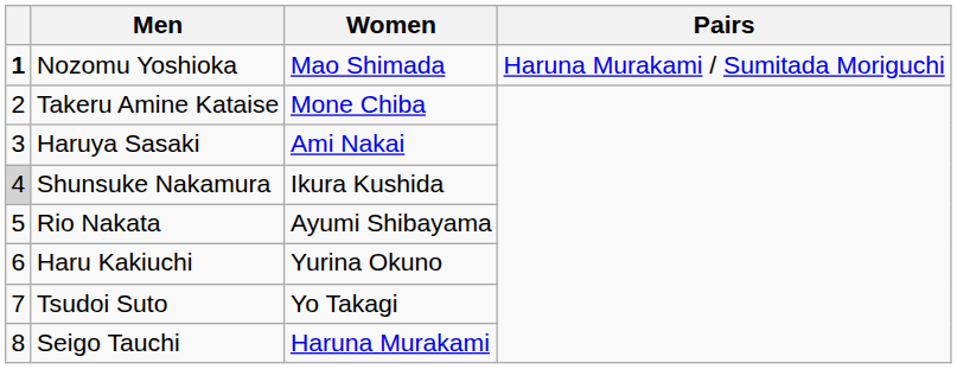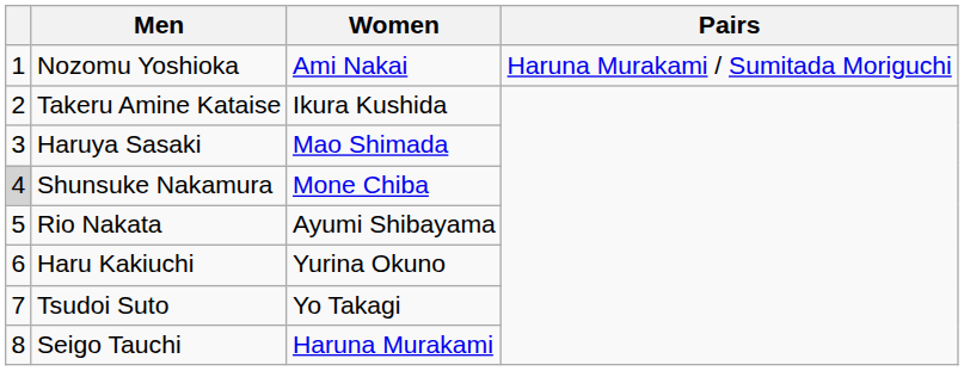 <table class="wikitable">
 <tr>
 <th></th>
 <th>Men</th>
 <th>Women</th>
 <th>Pairs</th>
 </tr>
 <tr>
-<td align=center><strong>1</strong></td>
+<td align=center>1</td>
 <td>Nozomu Yoshioka</td>
-<td><a href='#'>Mao Shimada</a></td>
+<td><a href='#'>Ami Nakai</a></td>
 <td><a href='#'>Haruna Murakami</a> / <a href='#'>Sumitada Moriguchi</a></td>
 </tr>
 <tr>
 <td align=center>2</td>
 <td>Takeru Amine Kataise</td>
-<td><a href='#'>Mone Chiba</a></td>
+<td>Ikura Kushida</td>
 <td rowspan=7></td>
 </tr>
 <tr>
 <td align=center>3</td>
 <td>Haruya Sasaki</td>
-<td><a href='#'>Ami Nakai</a></td>
+<td><a href='#'>Mao Shimada</a></td>
 </tr>
 <tr>
 <td align=center style="background: lightgrey;">4</td>
 <td>Shunsuke Nakamura</td>
-<td>Ikura Kushida</td>
+<td><a href='#'>Mone Chiba</a></td>
 </tr>
 <tr>
 <td align=center>5</td>
 <td>Rio Nakata</td>
 <td>Ayumi Shibayama</td>
 </tr>
 <tr>
 <td align=center>6</td>
 <td>Haru Kakiuchi</td>
 <td>Yurina Okuno</td>
 </tr>
 <tr>
 <td align=center>7</td>
 <td>Tsudoi Suto</td>
 <td>Yo Takagi</td>
 </tr>
 <tr>
 <td align=center>8</td>
 <td>Seigo Tauchi</td>
 <td><a href='#'>Haruna Murakami</a></td>
 </tr>
 </table>
